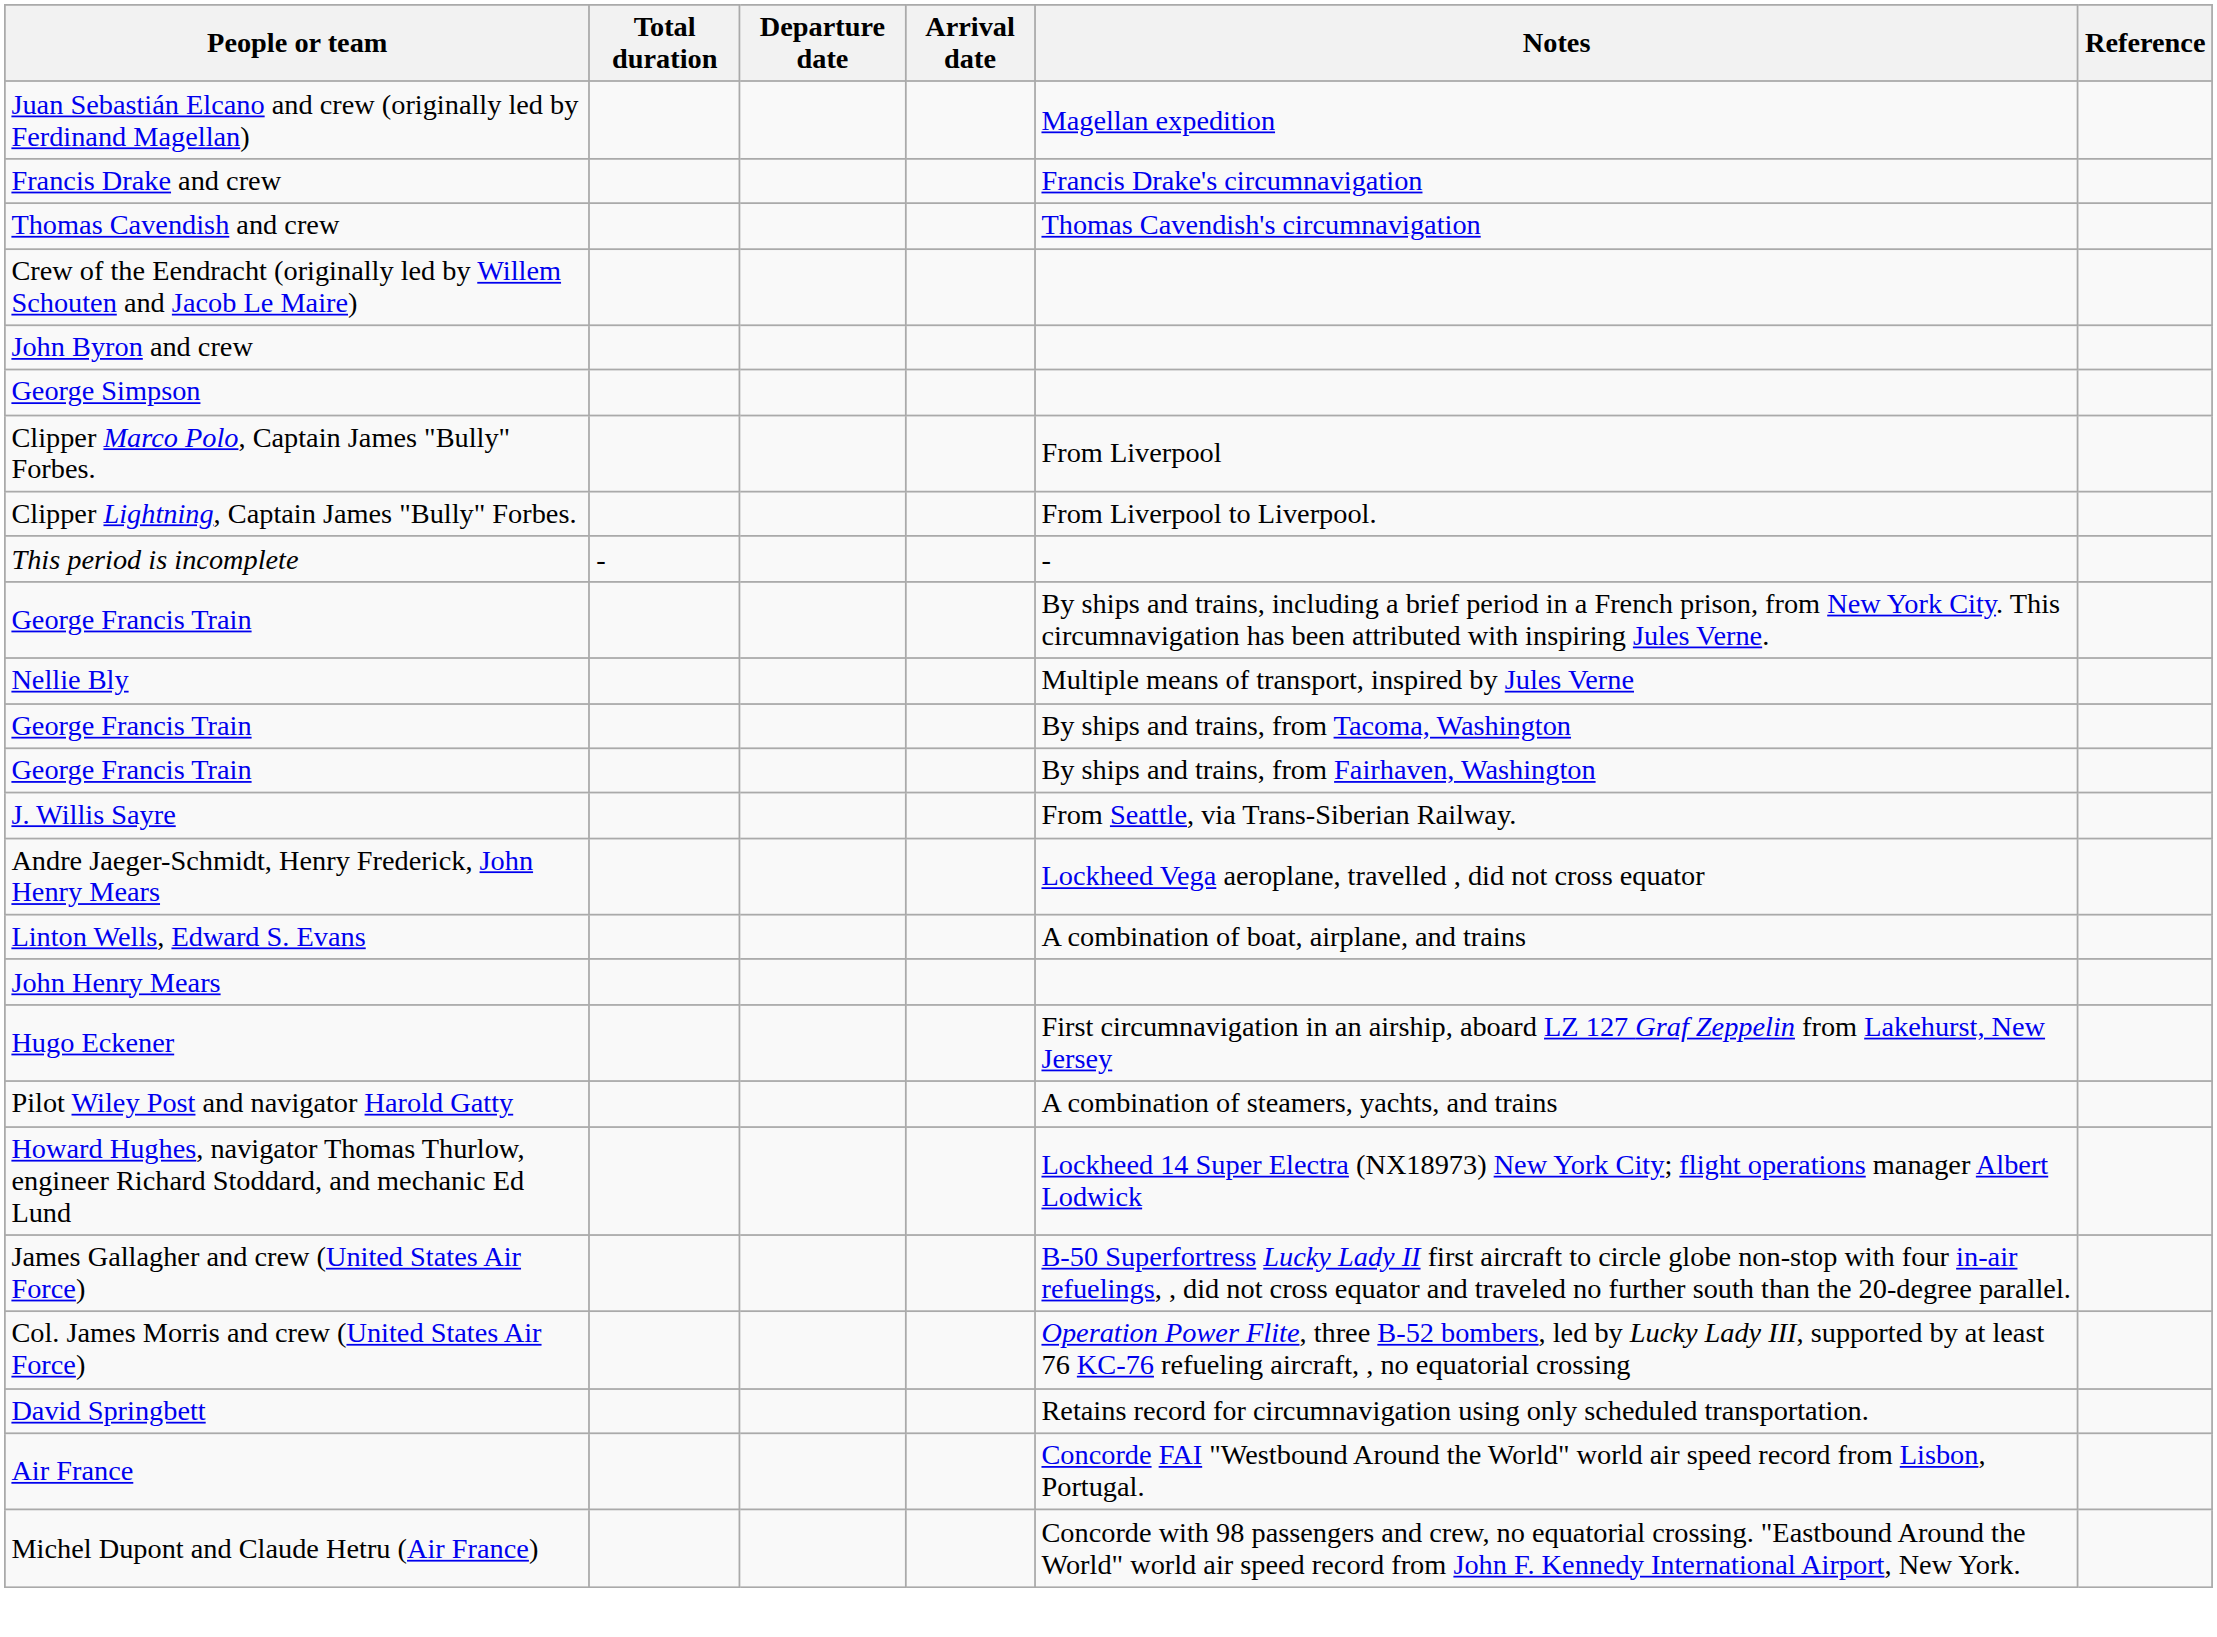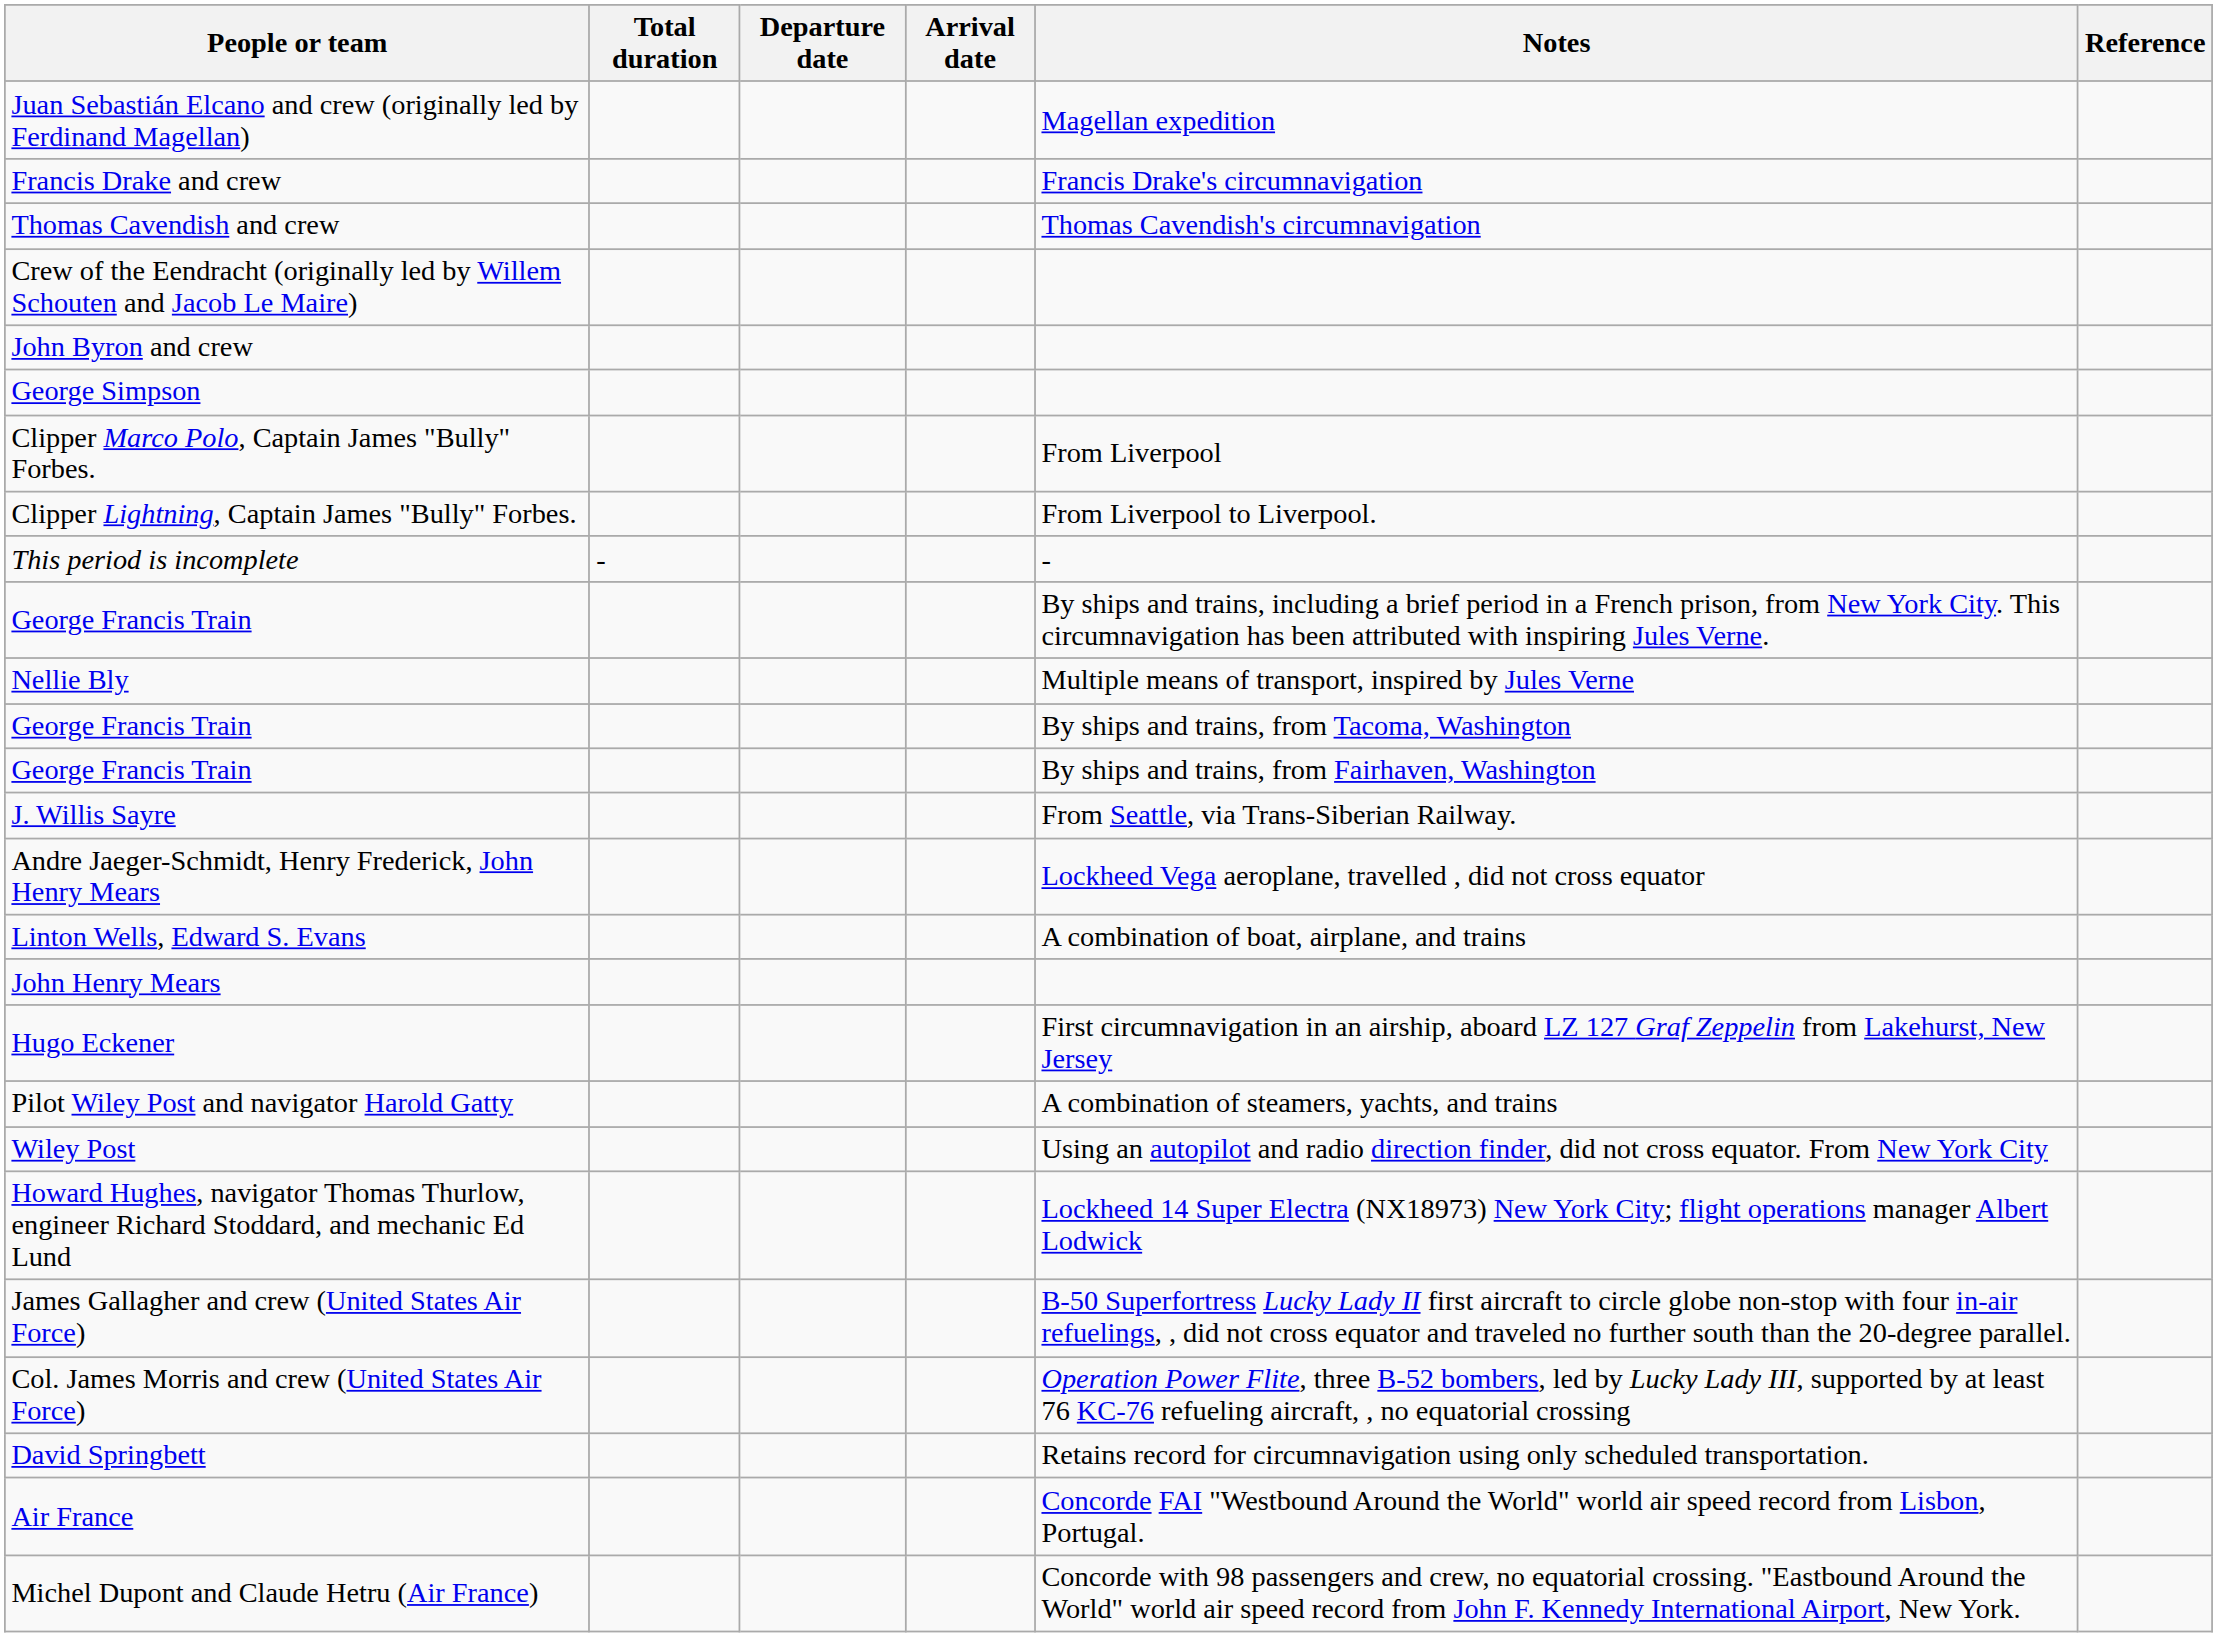 <table class="wikitable sortable">
 <tr>
 <th>People or team</th>
 <th data-sort-value="7003101800000000000">Total duration</th>
 <th>Departure date</th>
 <th>Arrival date</th>
 <th class="unsortable">Notes</th>
 <th class="unsortable">Reference</th>
 </tr>
 <tr>
 <td><a href='#'>Juan Sebastián Elcano</a> and crew (originally led by <a href='#'>Ferdinand Magellan</a>)</td>
 <td></td>
 <td></td>
 <td></td>
 <td><a href='#'>Magellan expedition</a></td>
 <td></td>
 </tr>
 <tr>
 <td><a href='#'>Francis Drake</a> and crew</td>
 <td></td>
 <td></td>
 <td></td>
 <td><a href='#'>Francis Drake's circumnavigation</a></td>
 <td></td>
 </tr>
 <tr>
 <td><a href='#'>Thomas Cavendish</a> and crew</td>
 <td></td>
 <td></td>
 <td></td>
 <td><a href='#'>Thomas Cavendish's circumnavigation</a></td>
 <td></td>
 </tr>
 <tr>
 <td>Crew of the Eendracht (originally led by <a href='#'>Willem Schouten</a> and <a href='#'>Jacob Le Maire</a>)</td>
 <td></td>
 <td></td>
 <td></td>
 <td></td>
 <td></td>
 </tr>
 <tr>
 <td><a href='#'>John Byron</a> and crew</td>
 <td></td>
 <td></td>
 <td></td>
 <td></td>
 <td></td>
 </tr>
 <tr>
 <td><a href='#'>George   Simpson</a></td>
 <td></td>
 <td></td>
 <td></td>
 <td></td>
 <td></td>
 </tr>
 <tr>
 <td>Clipper <a href='#'><em>Marco Polo</em></a>, Captain James "Bully" Forbes.</td>
 <td></td>
 <td></td>
 <td></td>
 <td>From Liverpool</td>
 <td></td>
 </tr>
 <tr>
 <td>Clipper <a href='#'><em>Lightning</em></a>, Captain James "Bully" Forbes.</td>
 <td></td>
 <td></td>
 <td></td>
 <td>From Liverpool to Liverpool.</td>
 <td></td>
 </tr>
 <tr>
 <td><em>This period is incomplete</em></td>
 <td>-</td>
 <td></td>
 <td></td>
 <td>-</td>
 <td></td>
 </tr>
 <tr>
 <td><a href='#'>George Francis Train</a></td>
 <td></td>
 <td></td>
 <td></td>
 <td>By ships and trains, including a brief period in a French prison, from <a href='#'>New York City</a>. This circumnavigation has been attributed with inspiring <a href='#'>Jules Verne</a>.</td>
 <td></td>
 </tr>
 <tr>
 <td><a href='#'>Nellie Bly</a></td>
 <td></td>
 <td></td>
 <td></td>
 <td>Multiple means of transport, inspired by <a href='#'>Jules Verne</a></td>
 <td></td>
 </tr>
 <tr>
 <td><a href='#'>George Francis Train</a></td>
 <td></td>
 <td></td>
 <td></td>
 <td>By ships and trains, from <a href='#'>Tacoma, Washington</a></td>
 <td></td>
 </tr>
 <tr>
 <td><a href='#'>George Francis Train</a></td>
 <td></td>
 <td></td>
 <td></td>
 <td>By ships and trains, from <a href='#'>Fairhaven, Washington</a></td>
 <td></td>
 </tr>
 <tr>
 <td><a href='#'>J. Willis Sayre</a></td>
 <td></td>
 <td></td>
 <td></td>
 <td>From <a href='#'>Seattle</a>, via Trans-Siberian Railway.</td>
 <td></td>
 </tr>
 <tr>
 <td>Andre Jaeger-Schmidt, Henry Frederick, <a href='#'>John Henry Mears</a></td>
 <td></td>
 <td></td>
 <td></td>
 <td><a href='#'>Lockheed Vega</a> aeroplane, travelled , did not cross equator</td>
 <td></td>
 </tr>
 <tr>
 <td><a href='#'>Linton Wells</a>, <a href='#'>Edward S. Evans</a></td>
 <td></td>
 <td></td>
 <td></td>
 <td>A combination of boat, airplane, and trains</td>
 <td></td>
 </tr>
 <tr>
 <td><a href='#'>John Henry Mears</a></td>
 <td></td>
 <td></td>
 <td></td>
 <td></td>
 <td></td>
 </tr>
 <tr>
 <td><a href='#'>Hugo Eckener</a></td>
 <td></td>
 <td></td>
 <td></td>
 <td>First circumnavigation in an airship, aboard <a href='#'>LZ 127 <em>Graf Zeppelin</em></a> from <a href='#'>Lakehurst, New Jersey</a></td>
 <td></td>
 </tr>
 <tr>
 <td>Pilot <a href='#'>Wiley Post</a> and navigator <a href='#'>Harold Gatty</a></td>
 <td></td>
 <td></td>
 <td></td>
 <td>A combination of steamers, yachts, and trains</td>
 <td></td>
 </tr>
 <tr>
+<td><a href='#'>Wiley Post</a></td>
+<td></td>
+<td></td>
+<td></td>
+<td>Using an <a href='#'>autopilot</a> and radio <a href='#'>direction finder</a>, did not cross equator. From <a href='#'>New York City</a></td>
+<td></td>
+</tr>
+<tr>
 <td><a href='#'>Howard Hughes</a>, navigator Thomas Thurlow, engineer Richard Stoddard, and mechanic Ed Lund</td>
 <td> </td>
 <td></td>
 <td></td>
 <td><a href='#'>Lockheed 14 Super Electra</a> (NX18973) <a href='#'>New York City</a>; <a href='#'>flight operations</a> manager <a href='#'>Albert Lodwick</a></td>
 </tr>
 <tr>
 <td>James Gallagher and crew (<a href='#'>United States Air Force</a>)</td>
 <td></td>
 <td></td>
 <td></td>
 <td><a href='#'>B-50 Superfortress</a> <em><a href='#'>Lucky Lady II</a></em> first aircraft to circle globe non-stop with four <a href='#'>in-air refuelings</a>, , did not cross equator and traveled no further south than the 20-degree parallel.</td>
 <td></td>
 </tr>
 <tr>
 <td>Col. James Morris and crew (<a href='#'>United States Air Force</a>)</td>
 <td></td>
 <td></td>
 <td></td>
 <td><em><a href='#'>Operation Power Flite</a></em>, three <a href='#'>B-52 bombers</a>, led by <em>Lucky Lady III</em>, supported by at least 76 <a href='#'>KC-76</a> refueling aircraft, , no equatorial crossing</td>
 <td></td>
 </tr>
 <tr>
 <td><a href='#'>David Springbett</a></td>
 <td></td>
 <td></td>
 <td></td>
 <td>Retains record for circumnavigation using only scheduled transportation.</td>
 <td></td>
 </tr>
 <tr>
 <td><a href='#'>Air France</a></td>
 <td></td>
 <td></td>
 <td></td>
 <td><a href='#'>Concorde</a> <a href='#'>FAI</a> "Westbound Around the World" world air speed record from <a href='#'>Lisbon</a>, Portugal.</td>
 <td></td>
 </tr>
 <tr>
 <td>Michel Dupont and Claude Hetru (<a href='#'>Air France</a>)</td>
 <td></td>
 <td></td>
 <td></td>
 <td>Concorde with 98 passengers and crew, no equatorial crossing. "Eastbound Around the World" world air speed record from <a href='#'>John F. Kennedy International Airport</a>, New York.</td>
 <td></td>
 </tr>
 </table>
